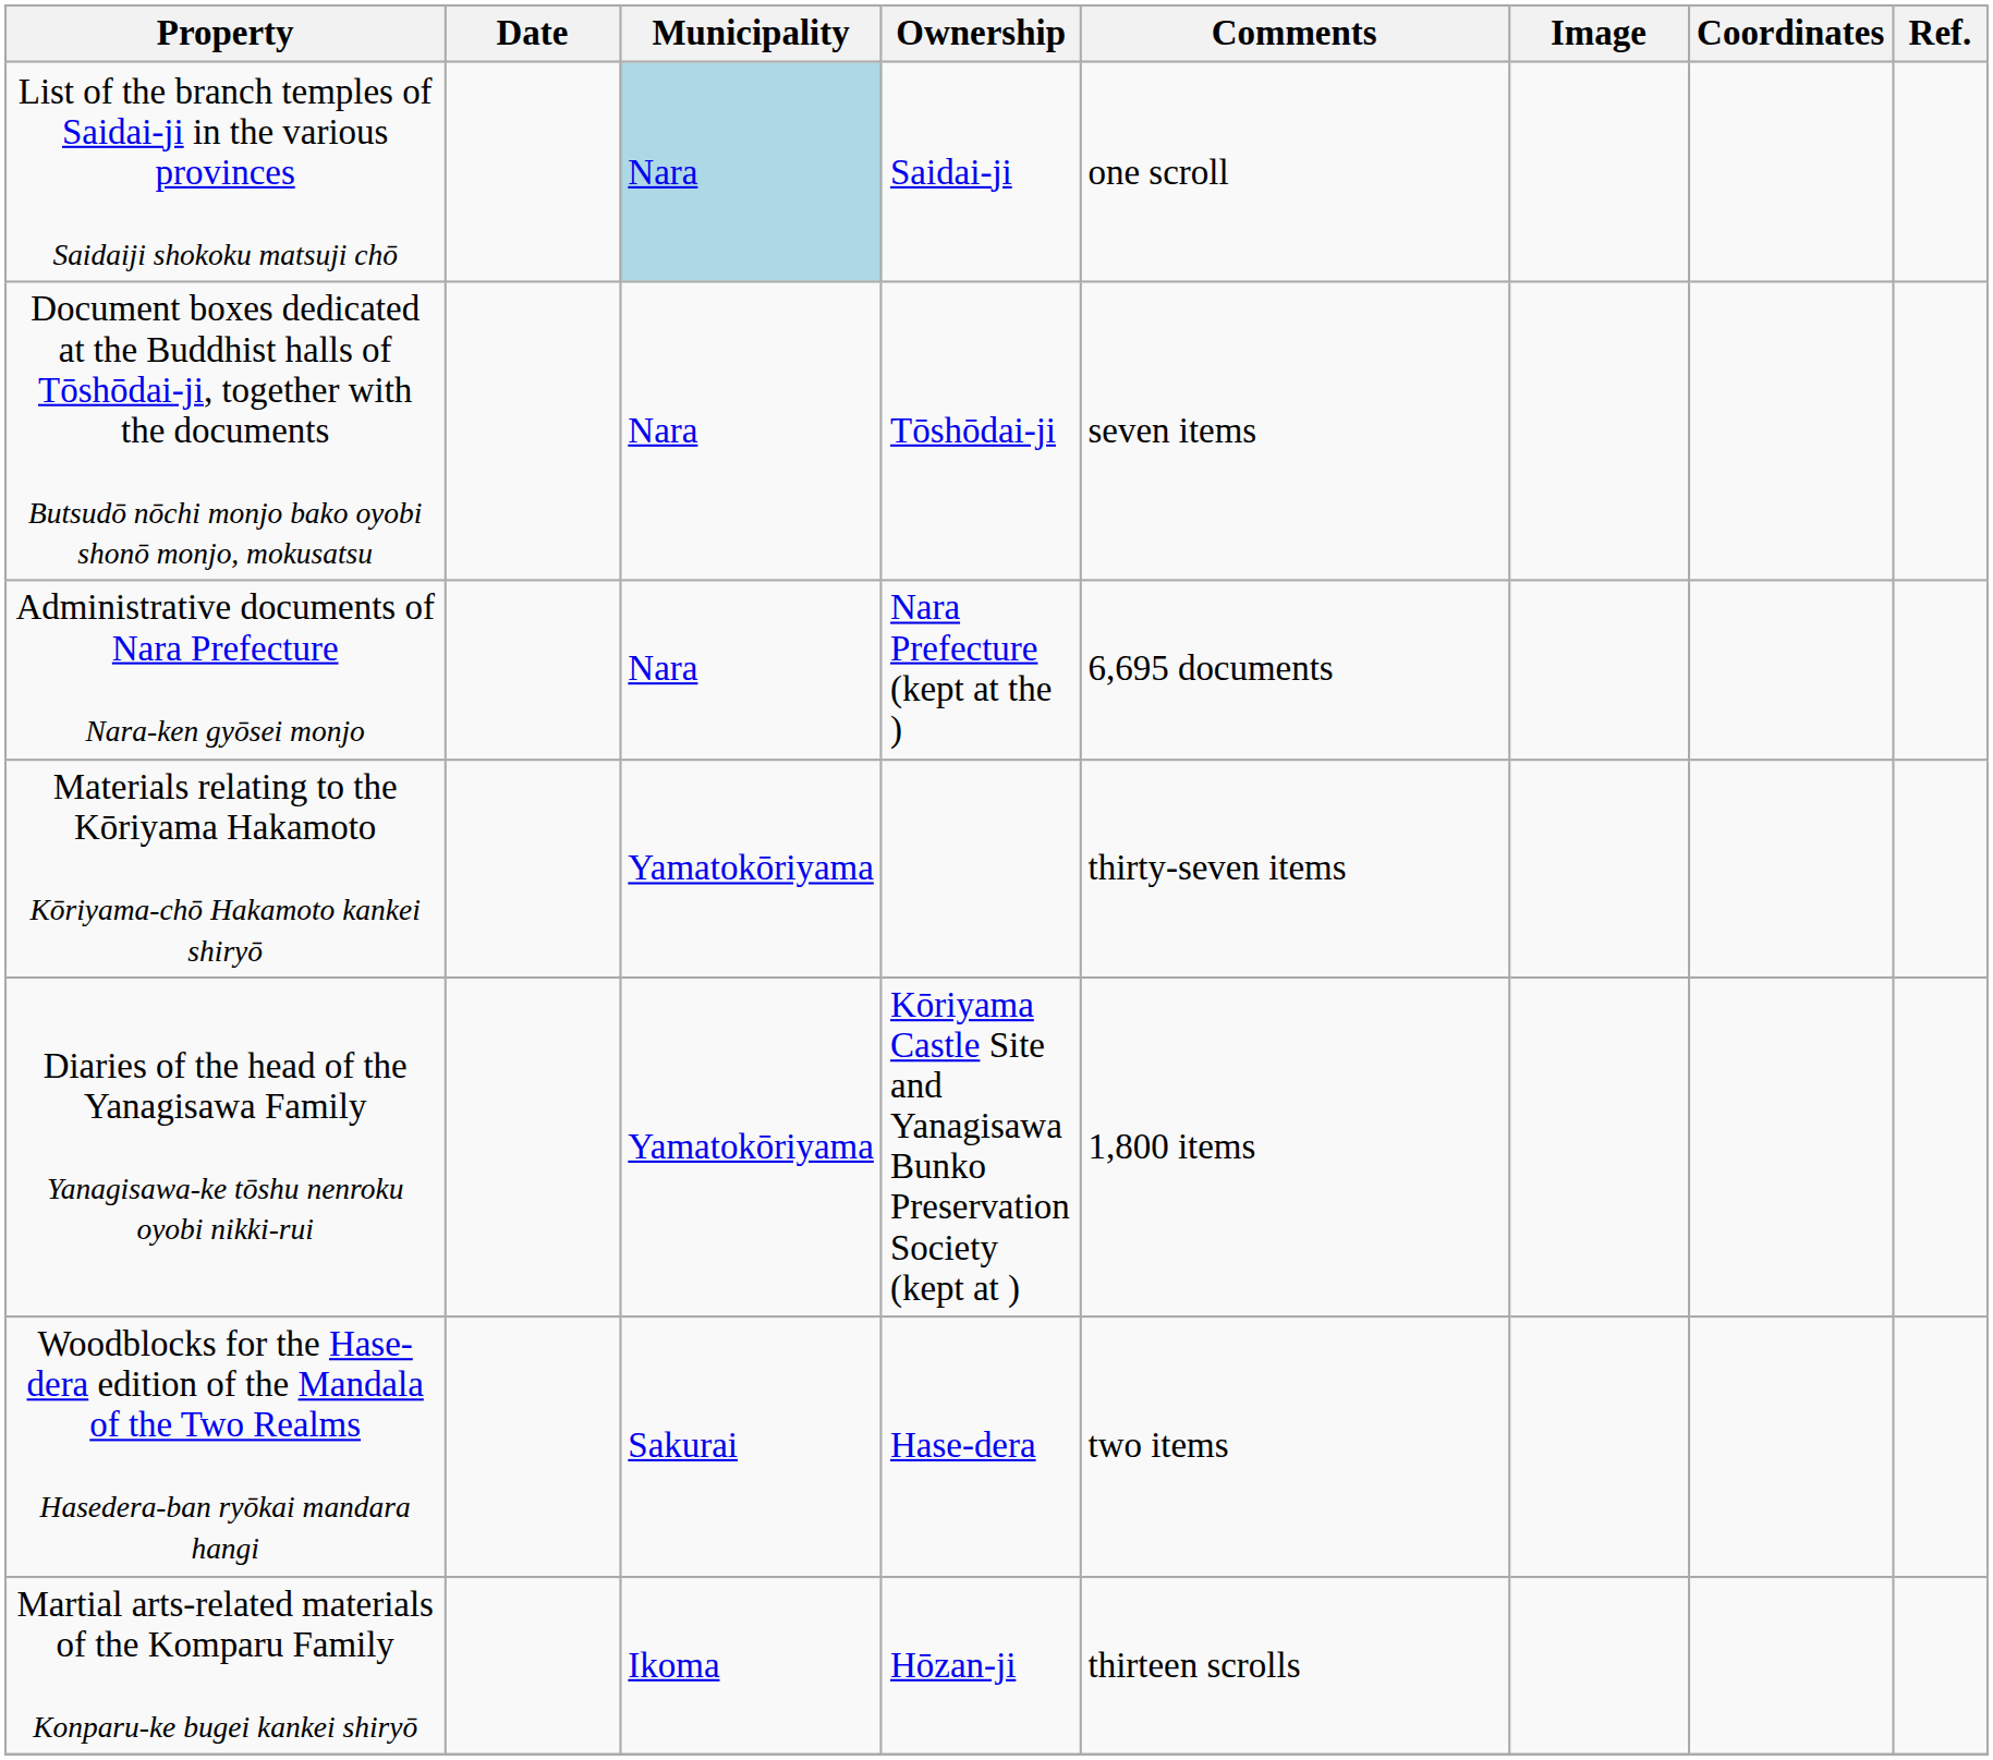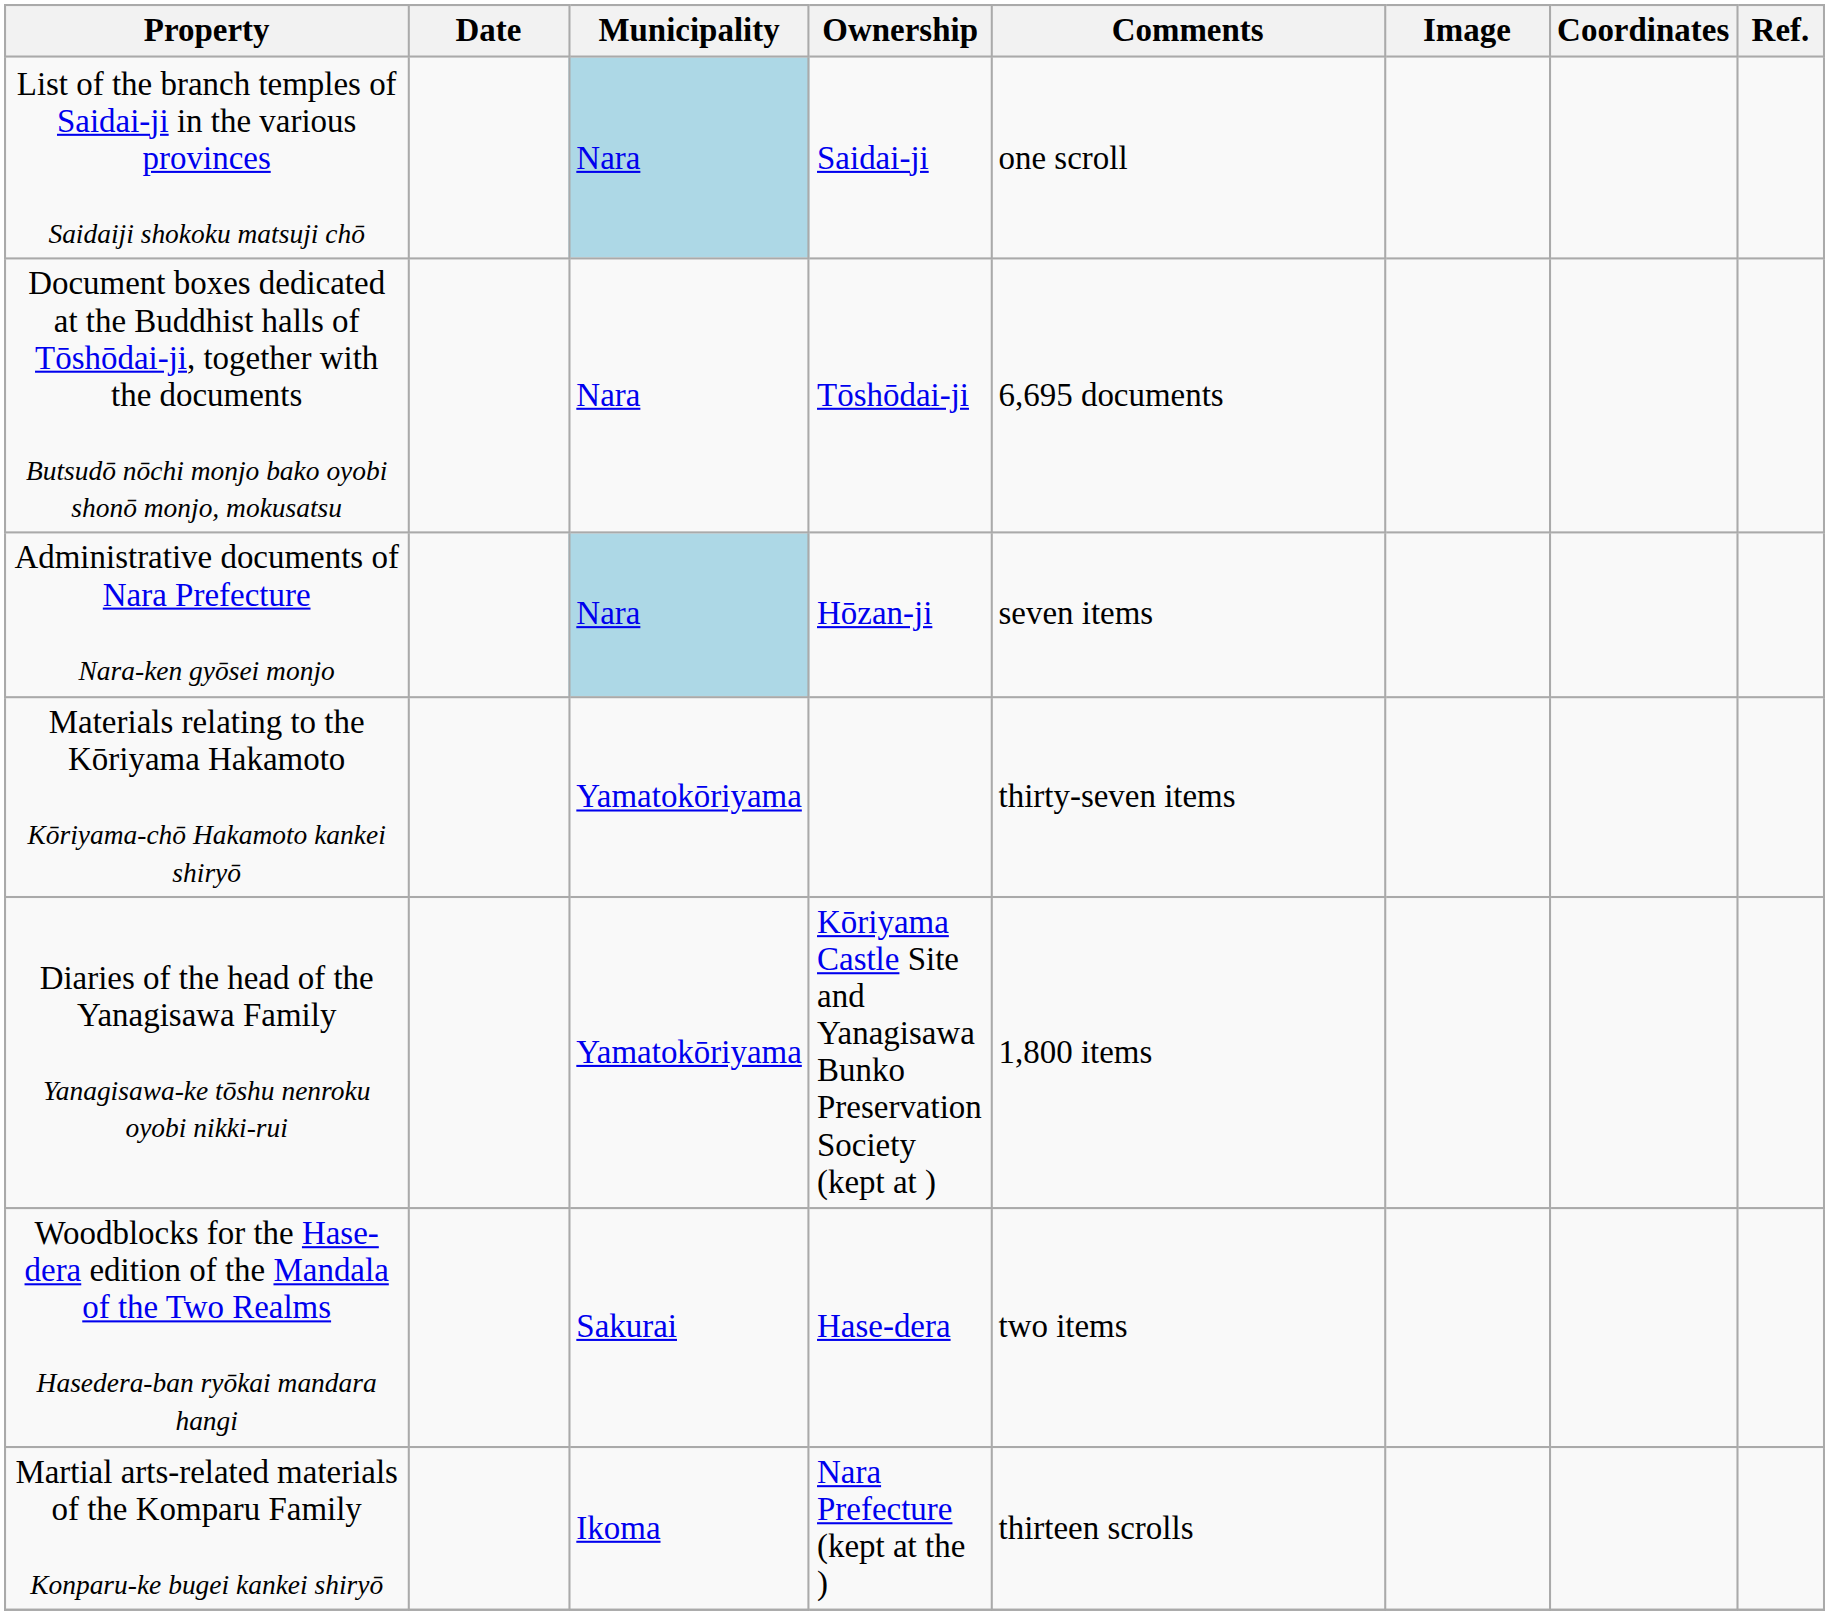 <table class="wikitable sortable"  style="width:100%;">
 <tr>
 <th width="25%" align="left">Property</th>
 <th width="10%" align="left" data-sort-type="number">Date</th>
 <th width="10%" align="left">Municipality</th>
 <th width="10%" align="left">Ownership</th>
 <th width="25%" align="left" class="unsortable">Comments</th>
 <th width="10%" align="left" class="unsortable">Image</th>
 <th width="5%" align="left" class="unsortable">Coordinates</th>
 <th width="5%" align="left" class="unsortable">Ref.</th>
 </tr>
 <tr>
 <td align="center">List of the branch temples of <a href='#'>Saidai-ji</a> in the various <a href='#'>provinces</a><br><br><small><em>Saidaiji shokoku matsuji chō</em></small></td>
 <td></td>
 <td style="background: lightblue;"><a href='#'>Nara</a></td>
 <td><a href='#'>Saidai-ji</a></td>
 <td>one scroll</td>
 <td></td>
 <td></td>
 <td></td>
 </tr>
 <tr>
 <td align="center">Document boxes dedicated at the Buddhist halls of <a href='#'>Tōshōdai-ji</a>, together with the documents<br><br><small><em>Butsudō nōchi monjo bako oyobi shonō monjo, mokusatsu</em></small></td>
 <td></td>
 <td><a href='#'>Nara</a></td>
 <td><a href='#'>Tōshōdai-ji</a></td>
-<td>seven items</td>
+<td>6,695 documents</td>
 <td></td>
 <td></td>
 <td></td>
 </tr>
 <tr>
 <td align="center">Administrative documents of <a href='#'>Nara Prefecture</a><br><br><small><em>Nara-ken gyōsei monjo</em></small></td>
 <td></td>
-<td><a href='#'>Nara</a></td>
-<td><a href='#'>Nara Prefecture</a><br>(kept at the )</td>
-<td>6,695 documents</td>
+<td style="background: lightblue;"><a href='#'>Nara</a></td>
+<td><a href='#'>Hōzan-ji</a></td>
+<td>seven items</td>
 <td></td>
 <td></td>
 <td></td>
 </tr>
 <tr>
 <td align="center">Materials relating to the Kōriyama Hakamoto<br><br><small><em>Kōriyama-chō Hakamoto kankei shiryō</em></small></td>
 <td></td>
 <td><a href='#'>Yamatokōriyama</a></td>
 <td></td>
 <td>thirty-seven items</td>
 <td></td>
 <td></td>
 <td></td>
 </tr>
 <tr>
 <td align="center">Diaries of the head of the Yanagisawa Family<br><br><small><em>Yanagisawa-ke tōshu nenroku oyobi nikki-rui</em></small></td>
 <td></td>
 <td><a href='#'>Yamatokōriyama</a></td>
 <td><a href='#'>Kōriyama Castle</a> Site and Yanagisawa Bunko Preservation Society<br>(kept at )</td>
 <td>1,800 items</td>
 <td></td>
 <td></td>
 <td></td>
 </tr>
 <tr>
 <td align="center">Woodblocks for the <a href='#'>Hase-dera</a> edition of the <a href='#'>Mandala of the Two Realms</a><br><br><small><em>Hasedera-ban ryōkai mandara hangi</em></small></td>
 <td></td>
 <td><a href='#'>Sakurai</a></td>
 <td><a href='#'>Hase-dera</a></td>
 <td>two items</td>
 <td></td>
 <td></td>
 <td></td>
 </tr>
 <tr>
 <td align="center">Martial arts-related materials of the Komparu Family<br><br><small><em>Konparu-ke bugei kankei shiryō</em></small></td>
 <td></td>
 <td><a href='#'>Ikoma</a></td>
-<td><a href='#'>Hōzan-ji</a></td>
+<td><a href='#'>Nara Prefecture</a><br>(kept at the )</td>
 <td>thirteen scrolls</td>
 <td></td>
 <td></td>
 <td></td>
 </tr>
 <tr>
 </tr>
 </table>
